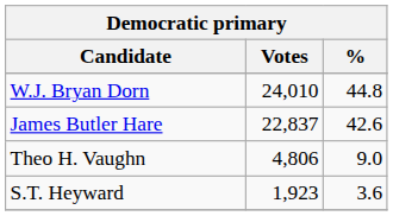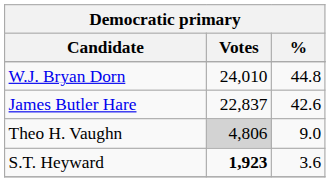 <table class="wikitable" align="left" style="margin: 1em 1em 1em 0; font-size: 95%;">
 <tr>
 <th colspan="3">Democratic primary</th>
 </tr>
 <tr>
 <th colspan="1" style="width: 170px">Candidate</th>
 <th style="width: 50px">Votes</th>
 <th style="width: 40px">%</th>
 </tr>
 <tr>
 </tr>
 <tr>
 <td><a href='#'>W.J. Bryan Dorn</a></td>
 <td align="right">24,010</td>
 <td align="right">44.8</td>
 </tr>
 <tr>
 <td><a href='#'>James Butler Hare</a></td>
 <td align="right">22,837</td>
 <td align="right">42.6</td>
 </tr>
 <tr>
 <td>Theo H. Vaughn</td>
-<td align="right">4,806</td>
+<td align="right" style="background: lightgrey;">4,806</td>
 <td align="right">9.0</td>
 </tr>
 <tr>
 <td>S.T. Heyward</td>
-<td align="right">1,923</td>
+<td align="right"><strong>1,923</strong></td>
 <td align="right">3.6</td>
 </tr>
 <tr>
 </tr>
 </table>
